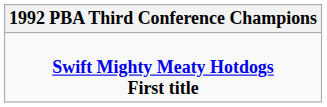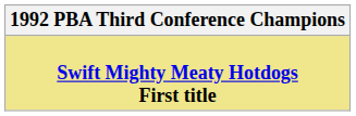 <table class=wikitable style="text-align:center; margin:auto">
 <tr>
 <th>1992 PBA Third Conference Champions</th>
 </tr>
 <tr>
-<td><br> <strong><a href='#'>Swift Mighty Meaty Hotdogs</a></strong> <br> <strong>First title</strong></td>
+<td style="background: khaki;"><br> <strong><a href='#'>Swift Mighty Meaty Hotdogs</a></strong> <br> <strong>First title</strong></td>
 </tr>
 </table>
